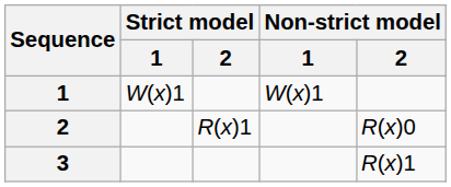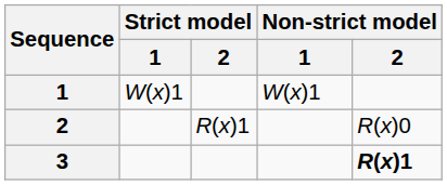 <table class="wikitable">
 <tr>
 <th rowspan=2>Sequence</th>
 <th colspan=2>Strict model</th>
 <th colspan=2>Non-strict model</th>
 </tr>
 <tr>
 <th>1</th>
 <th>2</th>
 <th>1</th>
 <th>2</th>
 </tr>
 <tr>
 <th>1</th>
 <td><em>W</em>(<em>x</em>)1</td>
 <td></td>
 <td><em>W</em>(<em>x</em>)1</td>
 <td></td>
 </tr>
 <tr>
 <th>2</th>
 <td></td>
 <td><em>R</em>(<em>x</em>)1</td>
 <td></td>
 <td><em>R</em>(<em>x</em>)0</td>
 </tr>
 <tr>
 <th>3</th>
 <td></td>
 <td></td>
 <td></td>
-<td><em>R</em>(<em>x</em>)1</td>
+<td><strong><em>R</em>(<em>x</em>)1</strong></td>
 </tr>
 </table>
